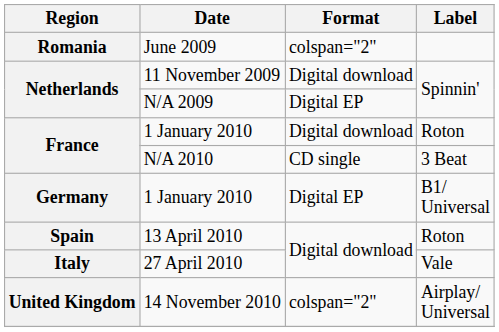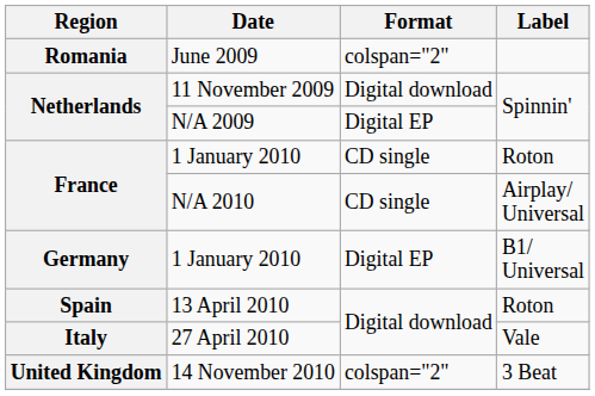 <table class="wikitable plainrowheaders unsortable">
 <tr>
 <th>Region</th>
 <th>Date</th>
 <th>Format</th>
 <th>Label</th>
 </tr>
 <tr>
 <th scope="row">Romania</th>
 <td>June 2009</td>
 <td>colspan="2" </td>
 </tr>
 <tr>
 <th scope="row" rowspan="2">Netherlands</th>
 <td rowspan="1">11 November 2009</td>
 <td rowspan="1">Digital download</td>
 <td rowspan="2">Spinnin'</td>
 </tr>
 <tr>
 <td rowspan="1">N/A 2009</td>
 <td rowspan="1">Digital EP</td>
 </tr>
 <tr>
 <th scope="row" rowspan="2">France</th>
 <td rowspan="1">1 January 2010</td>
-<td rowspan="1">Digital download</td>
+<td rowspan="1">CD single</td>
 <td rowspan="1">Roton</td>
 </tr>
 <tr>
 <td rowspan="1">N/A 2010</td>
 <td rowspan="1">CD single</td>
-<td rowspan="1">3 Beat</td>
+<td rowspan="1">Airplay/<br>Universal</td>
 </tr>
 <tr>
 <th scope="row" rowspan="1">Germany</th>
 <td rowspan="1">1 January 2010</td>
 <td rowspan="1">Digital EP</td>
 <td rowspan="1">B1/<br>Universal</td>
 </tr>
 <tr>
 <th scope="row">Spain</th>
 <td rowspan="1">13 April 2010</td>
 <td rowspan="2">Digital download</td>
 <td rowspan="1">Roton</td>
 </tr>
 <tr>
 <th scope="row" rowspan="1">Italy</th>
 <td rowspan="1">27 April 2010</td>
 <td rowspan="1">Vale</td>
 </tr>
 <tr>
 <th scope="row" rowspan="1">United Kingdom</th>
 <td rowspan="1">14 November 2010</td>
 <td>colspan="2" </td>
-<td rowspan="1">Airplay/<br>Universal</td>
+<td rowspan="1">3 Beat</td>
 </tr>
 <tr>
 </tr>
 </table>
